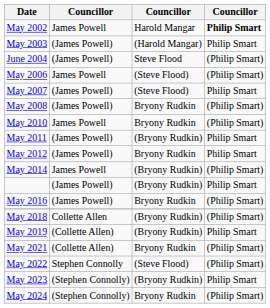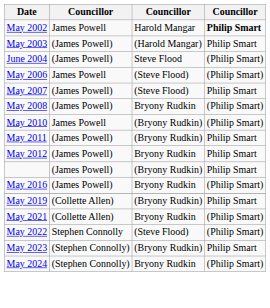 <table class="wikitable">
 <tr>
 <th>Date</th>
 <th>Councillor</th>
 <th>Councillor</th>
 <th>Councillor</th>
 </tr>
 <tr>
 <td><a href='#'>May 2002</a></td>
 <td ! style="background-color:">James Powell</td>
 <td ! style="background-color:">Harold Mangar</td>
 <td ! style="background-color:"><strong>Philip Smart</strong></td>
 </tr>
 <tr>
 <td><a href='#'>May 2003</a></td>
 <td ! style="background-color:">(James Powell)</td>
 <td ! style="background-color:">(Harold Mangar)</td>
 <td ! style="background-color:">Philip Smart</td>
 </tr>
 <tr>
 <td><a href='#'>June 2004</a></td>
 <td ! style="background-color:">(James Powell)</td>
 <td ! style="background-color:">Steve Flood</td>
 <td ! style="background-color:">(Philip Smart)</td>
 </tr>
 <tr>
 <td><a href='#'>May 2006</a></td>
 <td ! style="background-color:">James Powell</td>
 <td ! style="background-color:">(Steve Flood)</td>
 <td ! style="background-color:">(Philip Smart)</td>
 </tr>
 <tr>
 <td><a href='#'>May 2007</a></td>
 <td ! style="background-color:">(James Powell)</td>
 <td ! style="background-color:">(Steve Flood)</td>
 <td ! style="background-color:">Philip Smart</td>
 </tr>
 <tr>
 <td><a href='#'>May 2008</a></td>
 <td ! style="background-color:">(James Powell)</td>
 <td ! style="background-color:">Bryony Rudkin</td>
 <td ! style="background-color:">(Philip Smart)</td>
 </tr>
 <tr>
 <td><a href='#'>May 2010</a></td>
 <td ! style="background-color:">James Powell</td>
-<td ! style="background-color:">Bryony Rudkin</td>
+<td ! style="background-color:">(Bryony Rudkin)</td>
 <td ! style="background-color:">(Philip Smart)</td>
 </tr>
 <tr>
 <td><a href='#'>May 2011</a></td>
 <td ! style="background-color:">(James Powell)</td>
 <td ! style="background-color:">(Bryony Rudkin)</td>
 <td ! style="background-color:">Philip Smart</td>
 </tr>
 <tr>
 <td><a href='#'>May 2012</a></td>
 <td ! style="background-color:">(James Powell)</td>
 <td ! style="background-color:">Bryony Rudkin</td>
 <td ! style="background-color:">Philip Smart</td>
 </tr>
 <tr>
-<td><a href='#'>May 2014</a></td>
-<td ! style="background-color:">James Powell</td>
-<td ! style="background-color:">(Bryony Rudkin)</td>
-<td ! style="background-color:">(Philip Smart)</td>
-</tr>
-<tr>
 <td></td>
 <td ! style="background-color:">(James Powell)</td>
 <td ! style="background-color:">(Bryony Rudkin)</td>
 <td ! style="background-color:">Philip Smart</td>
 </tr>
 <tr>
 <td><a href='#'>May 2016</a></td>
 <td ! style="background-color:">(James Powell)</td>
 <td ! style="background-color:">Bryony Rudkin</td>
 <td ! style="background-color:">(Philip Smart)</td>
 </tr>
 <tr>
-</tr>
-<tr>
-<td><a href='#'>May 2018</a></td>
-<td ! style="background-color:">Collette Allen</td>
-<td ! style="background-color:">(Bryony Rudkin)</td>
-<td ! style="background-color:">(Philip Smart)</td>
 </tr>
 <tr>
 <td><a href='#'>May 2019</a></td>
 <td ! style="background-color:">(Collette Allen)</td>
 <td ! style="background-color:">(Bryony Rudkin)</td>
 <td ! style="background-color:">Philip Smart</td>
 </tr>
 <tr>
 <td><a href='#'>May 2021</a></td>
 <td ! style="background-color:">(Collette Allen)</td>
 <td ! style="background-color:">Bryony Rudkin</td>
 <td ! style="background-color:">(Philip Smart)</td>
 </tr>
 <tr>
 <td><a href='#'>May 2022</a></td>
 <td ! style="background-color:">Stephen Connolly</td>
 <td ! style="background-color:">(Steve Flood)</td>
 <td ! style="background-color:">(Philip Smart)</td>
 </tr>
 <tr>
 <td><a href='#'>May 2023</a></td>
 <td ! style="background-color:">(Stephen Connolly)</td>
 <td ! style="background-color:">(Bryony Rudkin)</td>
 <td ! style="background-color:">Philip Smart</td>
 </tr>
 <tr>
 <td><a href='#'>May 2024</a></td>
 <td ! style="background-color:">(Stephen Connolly)</td>
 <td ! style="background-color:">Bryony Rudkin</td>
 <td ! style="background-color:">(Philip Smart)</td>
 </tr>
 </table>
